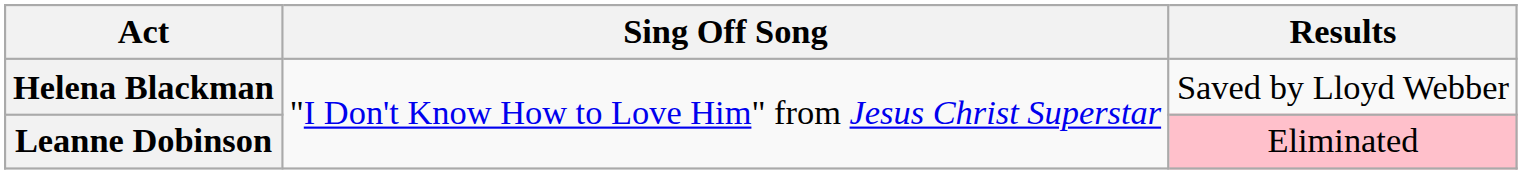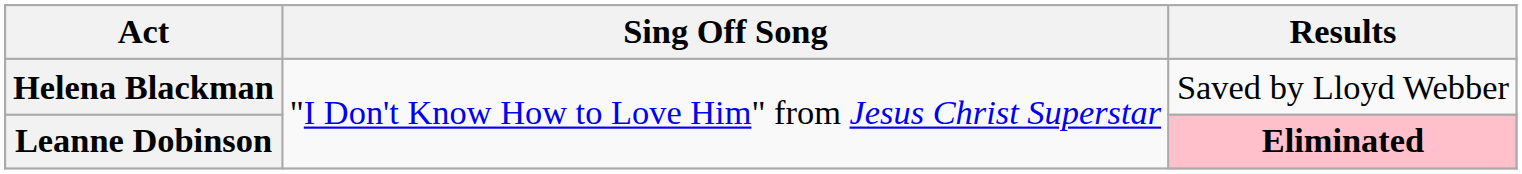 <table class="wikitable plainrowheaders" style="text-align:center;">
 <tr>
 <th scope="col">Act</th>
 <th scope="col">Sing Off Song</th>
 <th scope="col">Results</th>
 </tr>
 <tr>
 <th scope="row">Helena Blackman</th>
 <td rowspan="2">"<a href='#'>I Don't Know How to Love Him</a>" from <em><a href='#'>Jesus Christ Superstar</a></em></td>
 <td>Saved by Lloyd Webber</td>
 </tr>
 <tr>
 <th scope="row">Leanne Dobinson</th>
-<td style="background:pink;">Eliminated</td>
+<td style="background:pink;"><strong>Eliminated</strong></td>
 </tr>
 </table>
